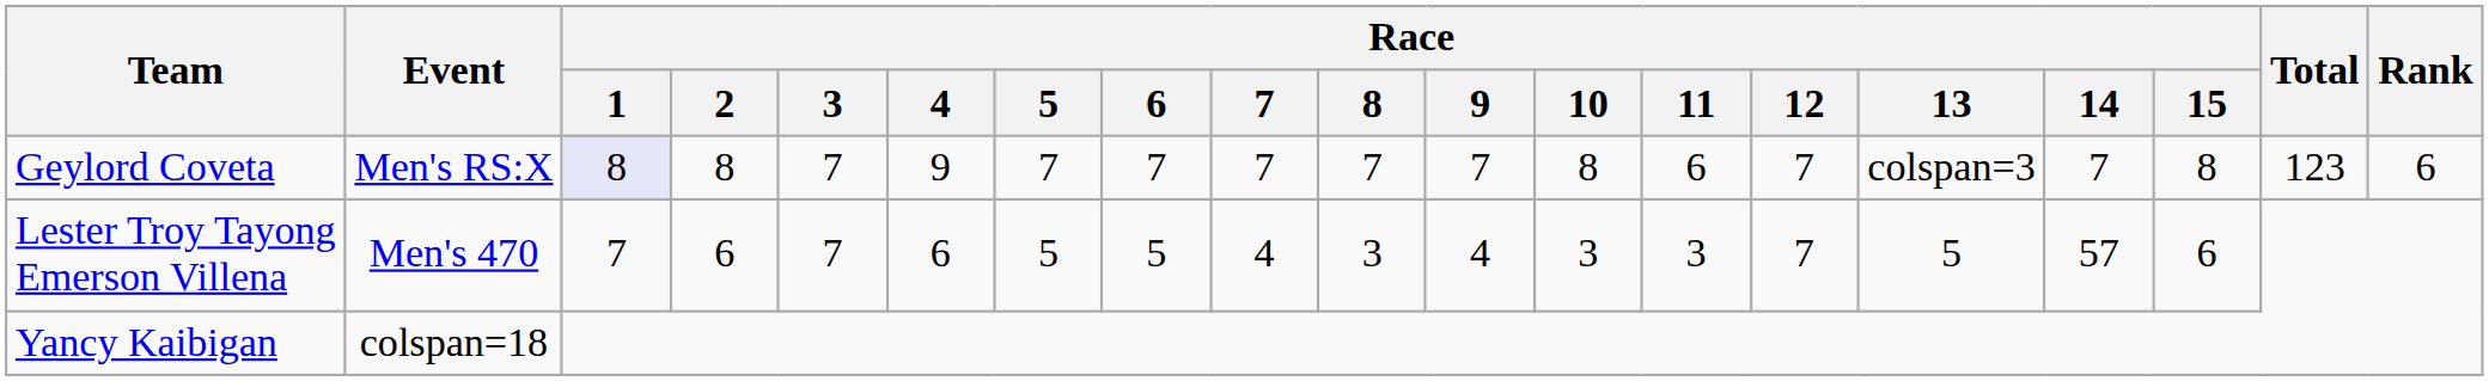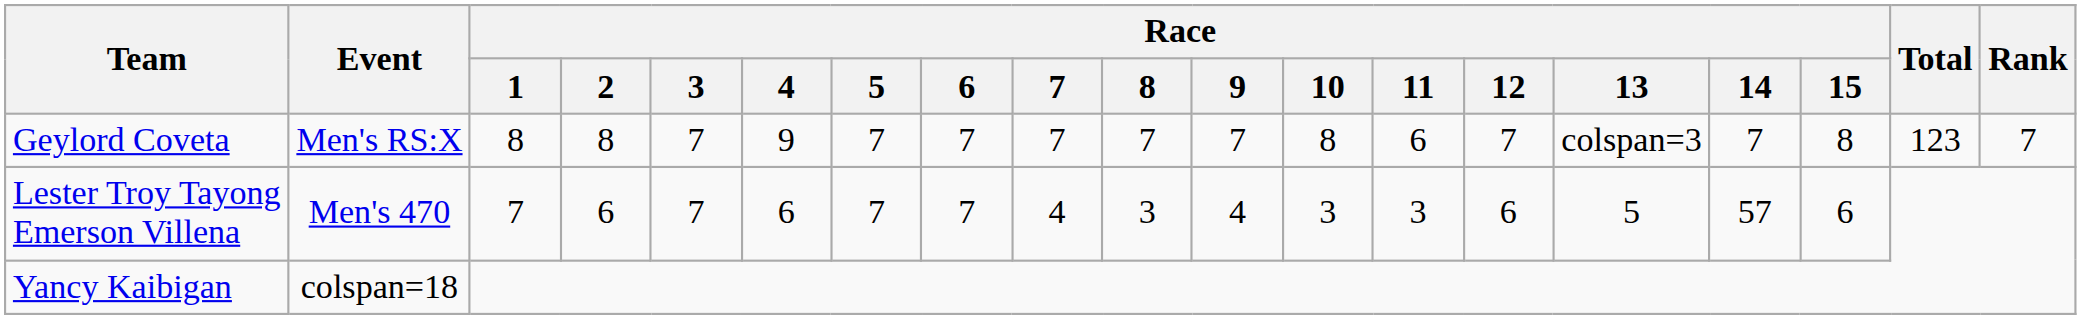 <table class=wikitable style="text-align:center">
 <tr>
 <th rowspan=2>Team</th>
 <th rowspan=2>Event</th>
 <th colspan=15>Race</th>
 <th rowspan=2>Total</th>
 <th rowspan=2>Rank</th>
 </tr>
 <tr>
 <th width=35>1</th>
 <th width=35>2</th>
 <th width=35>3</th>
 <th width=35>4</th>
 <th width=35>5</th>
 <th width=35>6</th>
 <th width=35>7</th>
 <th width=35>8</th>
 <th width=35>9</th>
 <th width=35>10</th>
 <th width=35>11</th>
 <th width=35>12</th>
 <th width=35>13</th>
 <th width=35>14</th>
 <th width=35>15</th>
 </tr>
 <tr>
 <td align=left><a href='#'>Geylord Coveta</a></td>
 <td align=center><a href='#'>Men's RS:X</a></td>
-<td style="background: lavender;">8</td>
+<td>8</td>
 <td>8</td>
 <td>7</td>
 <td>9</td>
 <td>7</td>
 <td>7</td>
 <td>7</td>
 <td>7</td>
 <td>7</td>
 <td>8</td>
 <td>6</td>
 <td>7</td>
 <td>colspan=3 </td>
 <td>7</td>
 <td>8</td>
 <td>123</td>
-<td>6</td>
+<td>7</td>
 </tr>
 <tr>
 <td align=left><a href='#'>Lester Troy Tayong</a> <br> <a href='#'>Emerson Villena</a></td>
 <td align=center><a href='#'>Men's 470</a></td>
 <td>7</td>
 <td>6</td>
 <td>7</td>
 <td>6</td>
-<td>5</td>
-<td>5</td>
+<td>7</td>
+<td>7</td>
 <td>4</td>
 <td>3</td>
 <td>4</td>
 <td>3</td>
 <td>3</td>
-<td>7</td>
+<td>6</td>
 <td>5</td>
 <td>57</td>
 <td>6</td>
 </tr>
 <tr>
 <td align=left><a href='#'>Yancy Kaibigan</a></td>
 <td>colspan=18 </td>
 </tr>
 </table>
